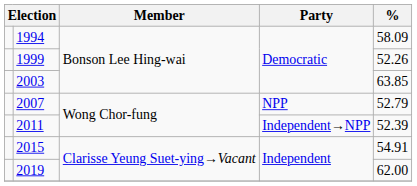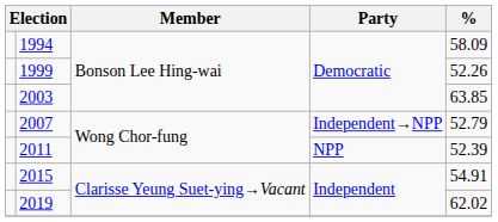 <table class="wikitable">
 <tr>
 <th colspan="2">Election</th>
 <th>Member</th>
 <th>Party</th>
 <th>%</th>
 </tr>
 <tr>
 <td style="background-color: "></td>
 <td><a href='#'>1994</a></td>
 <td rowspan=3>Bonson Lee Hing-wai</td>
 <td rowspan=3><a href='#'>Democratic</a></td>
 <td>58.09</td>
 </tr>
 <tr>
 <td style="background-color: "></td>
 <td><a href='#'>1999</a></td>
 <td>52.26</td>
 </tr>
 <tr>
 <td style="background-color: "></td>
 <td><a href='#'>2003</a></td>
 <td>63.85</td>
 </tr>
 <tr>
 <td style="background-color: "></td>
 <td><a href='#'>2007</a></td>
 <td rowspan=2>Wong Chor-fung</td>
-<td><a href='#'>NPP</a></td>
+<td><a href='#'>Independent</a>→<a href='#'>NPP</a></td>
 <td>52.79</td>
 </tr>
 <tr>
 <td style="background-color: "></td>
 <td><a href='#'>2011</a></td>
-<td><a href='#'>Independent</a>→<a href='#'>NPP</a></td>
+<td><a href='#'>NPP</a></td>
 <td>52.39</td>
 </tr>
 <tr>
 <td style="background-color: "></td>
 <td><a href='#'>2015</a></td>
 <td rowspan=2><a href='#'>Clarisse Yeung Suet-ying</a>→<em>Vacant</em></td>
 <td rowspan=2><a href='#'>Independent</a></td>
 <td>54.91</td>
 </tr>
 <tr>
 <td style="background-color: "></td>
 <td><a href='#'>2019</a></td>
-<td>62.00</td>
+<td>62.02</td>
 </tr>
 <tr>
 </tr>
 </table>
